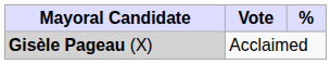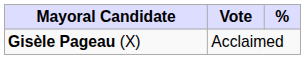 <table class="wikitable">
 <tr>
 <th style="background:#ddf; width:200px;">Mayoral Candidate</th>
 <th style="background:#ddf; width:50px;">Vote</th>
 <th style="background:#ddf; width:30px;">%</th>
 </tr>
 <tr>
-<td style="background: lightgrey;"><strong>Gisèle Pageau</strong> (X)</td>
+<td><strong>Gisèle Pageau</strong> (X)</td>
 <td colspan="2">Acclaimed</td>
 </tr>
 </table>
